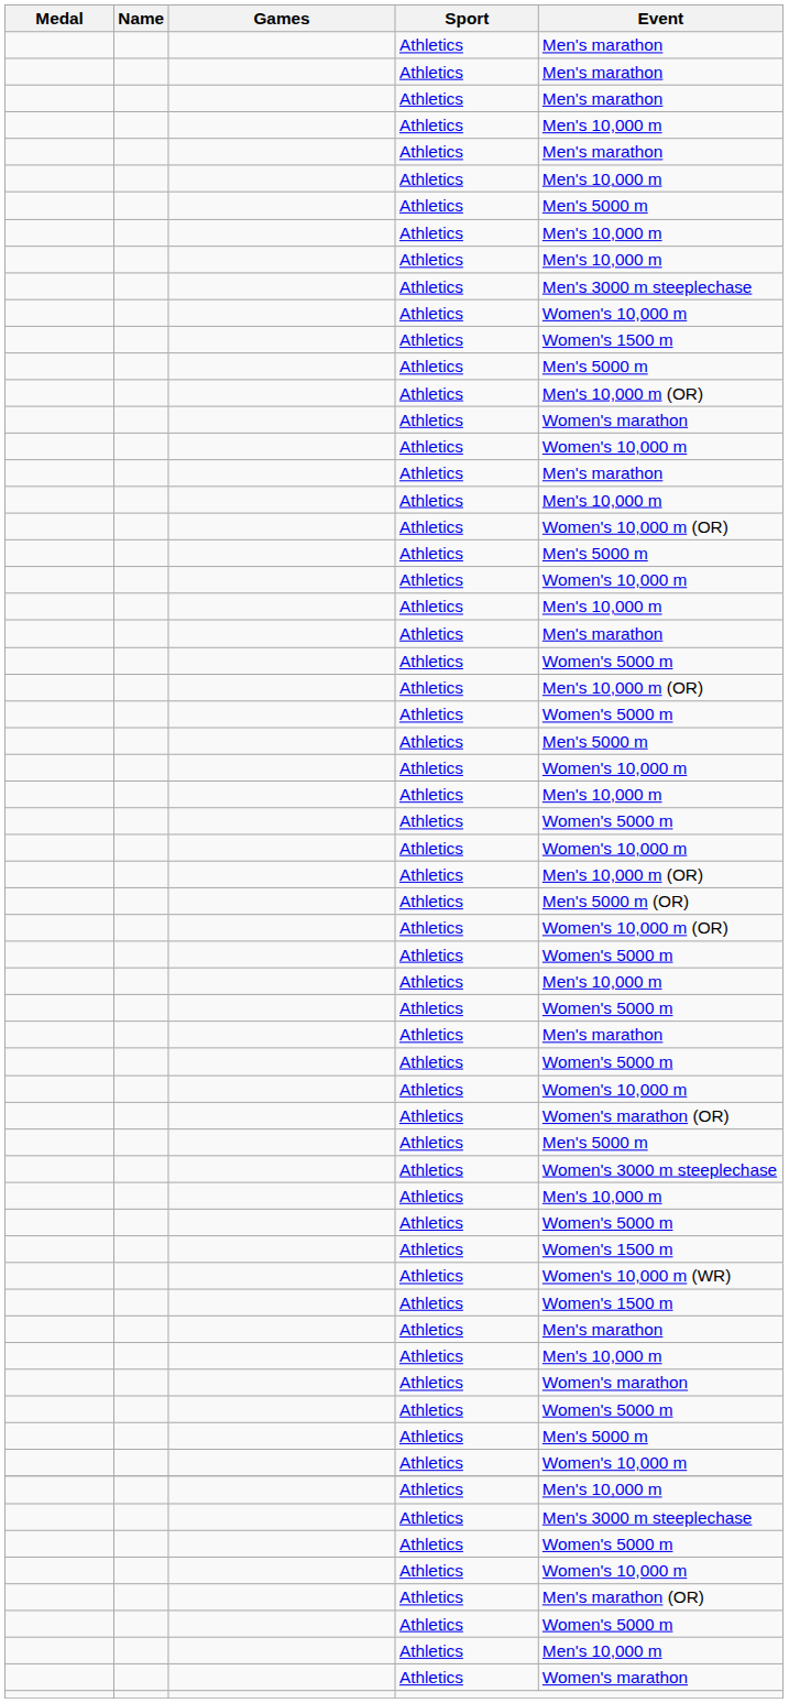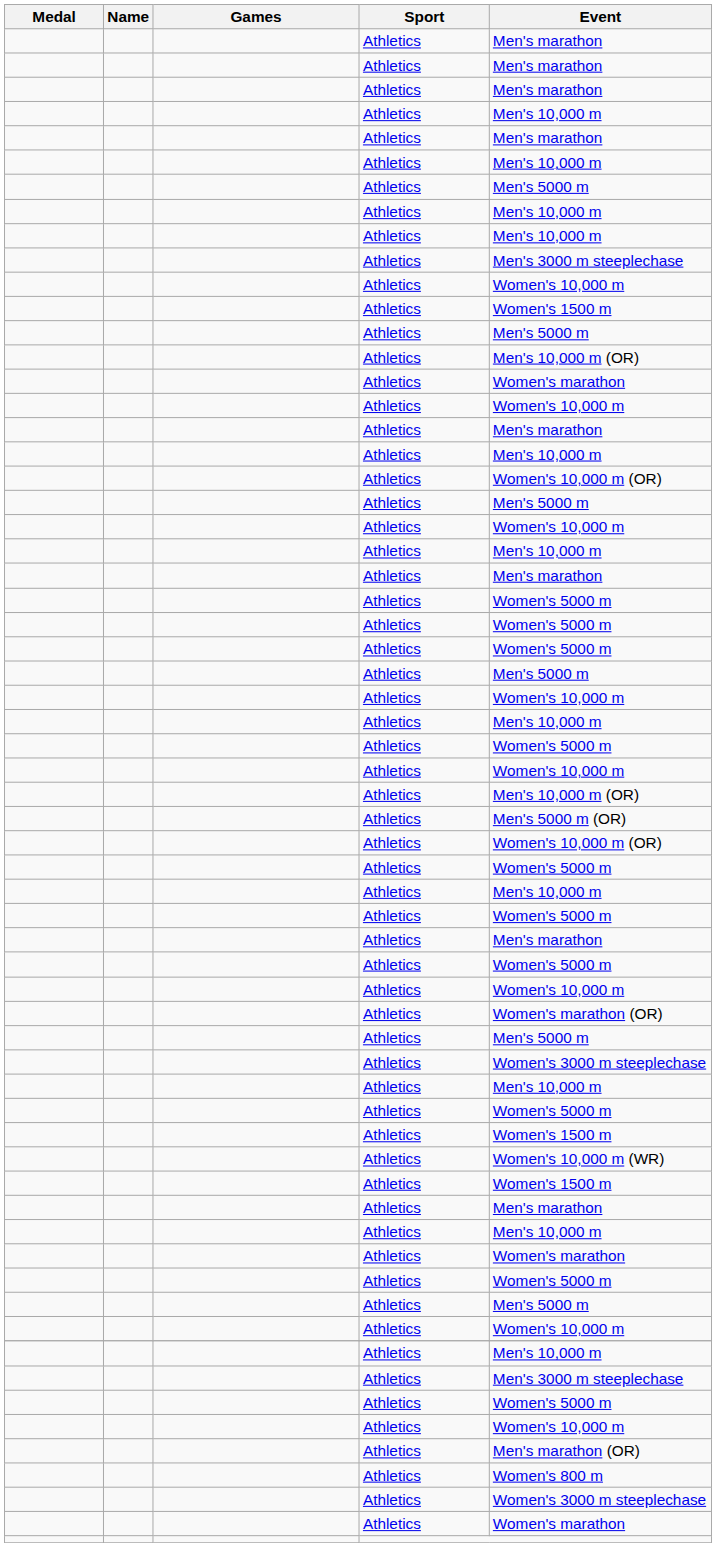 <table class="wikitable sortable" style="font-size: 95%;">
 <tr>
 <th style="width:6em">Medal</th>
 <th>Name</th>
 <th style="width:13em">Games</th>
 <th style="width:8em">Sport</th>
 <th style="width:14em">Event</th>
 </tr>
 <tr>
 <td></td>
 <td></td>
 <td></td>
 <td> <a href='#'>Athletics</a></td>
 <td><a href='#'>Men's marathon</a></td>
 </tr>
 <tr>
 <td></td>
 <td></td>
 <td></td>
 <td> <a href='#'>Athletics</a></td>
 <td><a href='#'>Men's marathon</a></td>
 </tr>
 <tr>
 <td></td>
 <td></td>
 <td></td>
 <td> <a href='#'>Athletics</a></td>
 <td><a href='#'>Men's marathon</a></td>
 </tr>
 <tr>
 <td></td>
 <td></td>
 <td></td>
 <td> <a href='#'>Athletics</a></td>
 <td><a href='#'>Men's 10,000 m</a></td>
 </tr>
 <tr>
 <td></td>
 <td></td>
 <td></td>
 <td> <a href='#'>Athletics</a></td>
 <td><a href='#'>Men's marathon</a></td>
 </tr>
 <tr>
 <td></td>
 <td></td>
 <td></td>
 <td> <a href='#'>Athletics</a></td>
 <td><a href='#'>Men's 10,000 m</a></td>
 </tr>
 <tr>
 <td></td>
 <td></td>
 <td></td>
 <td> <a href='#'>Athletics</a></td>
 <td><a href='#'>Men's 5000 m</a></td>
 </tr>
 <tr>
 <td></td>
 <td></td>
 <td></td>
 <td> <a href='#'>Athletics</a></td>
 <td><a href='#'>Men's 10,000 m</a></td>
 </tr>
 <tr>
 <td></td>
 <td></td>
 <td></td>
 <td> <a href='#'>Athletics</a></td>
 <td><a href='#'>Men's 10,000 m</a></td>
 </tr>
 <tr>
 <td></td>
 <td></td>
 <td></td>
 <td> <a href='#'>Athletics</a></td>
 <td><a href='#'>Men's 3000 m steeplechase</a></td>
 </tr>
 <tr>
 <td></td>
 <td></td>
 <td></td>
 <td> <a href='#'>Athletics</a></td>
 <td><a href='#'>Women's 10,000 m</a></td>
 </tr>
 <tr>
 <td></td>
 <td></td>
 <td></td>
 <td> <a href='#'>Athletics</a></td>
 <td><a href='#'>Women's 1500 m</a></td>
 </tr>
 <tr>
 <td></td>
 <td></td>
 <td></td>
 <td> <a href='#'>Athletics</a></td>
 <td><a href='#'>Men's 5000 m</a></td>
 </tr>
 <tr>
 <td></td>
 <td>    </td>
 <td></td>
 <td> <a href='#'>Athletics</a></td>
 <td><a href='#'>Men's 10,000 m</a> (OR)</td>
 </tr>
 <tr>
 <td></td>
 <td></td>
 <td></td>
 <td> <a href='#'>Athletics</a></td>
 <td><a href='#'>Women's marathon</a></td>
 </tr>
 <tr>
 <td></td>
 <td></td>
 <td></td>
 <td> <a href='#'>Athletics</a></td>
 <td><a href='#'>Women's 10,000 m</a></td>
 </tr>
 <tr>
 <td></td>
 <td></td>
 <td></td>
 <td> <a href='#'>Athletics</a></td>
 <td><a href='#'>Men's marathon</a></td>
 </tr>
 <tr>
 <td></td>
 <td></td>
 <td></td>
 <td> <a href='#'>Athletics</a></td>
 <td><a href='#'>Men's 10,000 m</a></td>
 </tr>
 <tr>
 <td></td>
 <td></td>
 <td></td>
 <td> <a href='#'>Athletics</a></td>
 <td><a href='#'>Women's 10,000 m</a> (OR)</td>
 </tr>
 <tr>
 <td></td>
 <td></td>
 <td></td>
 <td> <a href='#'>Athletics</a></td>
 <td><a href='#'>Men's 5000 m</a></td>
 </tr>
 <tr>
 <td></td>
 <td></td>
 <td></td>
 <td> <a href='#'>Athletics</a></td>
 <td><a href='#'>Women's 10,000 m</a></td>
 </tr>
 <tr>
 <td></td>
 <td></td>
 <td></td>
 <td> <a href='#'>Athletics</a></td>
 <td><a href='#'>Men's 10,000 m</a></td>
 </tr>
 <tr>
 <td></td>
 <td></td>
 <td></td>
 <td> <a href='#'>Athletics</a></td>
 <td><a href='#'>Men's marathon</a></td>
 </tr>
 <tr>
 <td></td>
 <td></td>
 <td></td>
 <td> <a href='#'>Athletics</a></td>
 <td><a href='#'>Women's 5000 m</a></td>
 </tr>
 <tr>
 <td></td>
 <td></td>
 <td></td>
 <td> <a href='#'>Athletics</a></td>
-<td><a href='#'>Men's 10,000 m</a> (OR)</td>
+<td><a href='#'>Women's 5000 m</a></td>
 </tr>
 <tr>
 <td></td>
 <td></td>
 <td></td>
 <td> <a href='#'>Athletics</a></td>
 <td><a href='#'>Women's 5000 m</a></td>
 </tr>
 <tr>
 <td></td>
 <td></td>
 <td></td>
 <td> <a href='#'>Athletics</a></td>
 <td><a href='#'>Men's 5000 m</a></td>
 </tr>
 <tr>
 <td></td>
 <td></td>
 <td></td>
 <td> <a href='#'>Athletics</a></td>
 <td><a href='#'>Women's 10,000 m</a></td>
 </tr>
 <tr>
 <td></td>
 <td></td>
 <td></td>
 <td> <a href='#'>Athletics</a></td>
 <td><a href='#'>Men's 10,000 m</a></td>
 </tr>
 <tr>
 <td></td>
 <td></td>
 <td></td>
 <td> <a href='#'>Athletics</a></td>
 <td><a href='#'>Women's 5000 m</a></td>
 </tr>
 <tr>
 <td></td>
 <td></td>
 <td></td>
 <td> <a href='#'>Athletics</a></td>
 <td><a href='#'>Women's 10,000 m</a></td>
 </tr>
 <tr>
 <td></td>
 <td></td>
 <td></td>
 <td> <a href='#'>Athletics</a></td>
 <td><a href='#'>Men's 10,000 m</a> (OR)</td>
 </tr>
 <tr>
 <td></td>
 <td></td>
 <td></td>
 <td> <a href='#'>Athletics</a></td>
 <td><a href='#'>Men's 5000 m</a> (OR)</td>
 </tr>
 <tr>
 <td></td>
 <td></td>
 <td></td>
 <td> <a href='#'>Athletics</a></td>
 <td><a href='#'>Women's 10,000 m</a> (OR)</td>
 </tr>
 <tr>
 <td></td>
 <td></td>
 <td></td>
 <td> <a href='#'>Athletics</a></td>
 <td><a href='#'>Women's 5000 m</a></td>
 </tr>
 <tr>
 <td></td>
 <td></td>
 <td></td>
 <td> <a href='#'>Athletics</a></td>
 <td><a href='#'>Men's 10,000 m</a></td>
 </tr>
 <tr>
 <td></td>
 <td></td>
 <td></td>
 <td> <a href='#'>Athletics</a></td>
 <td><a href='#'>Women's 5000 m</a></td>
 </tr>
 <tr>
 <td></td>
 <td></td>
 <td></td>
 <td> <a href='#'>Athletics</a></td>
 <td><a href='#'>Men's marathon</a></td>
 </tr>
 <tr>
 <td></td>
 <td></td>
 <td></td>
 <td> <a href='#'>Athletics</a></td>
 <td><a href='#'>Women's 5000 m</a></td>
 </tr>
 <tr>
 <td></td>
 <td></td>
 <td></td>
 <td> <a href='#'>Athletics</a></td>
 <td><a href='#'>Women's 10,000 m</a></td>
 </tr>
 <tr>
 <td></td>
 <td></td>
 <td></td>
 <td> <a href='#'>Athletics</a></td>
 <td><a href='#'>Women's marathon</a> (OR)</td>
 </tr>
 <tr>
 <td></td>
 <td></td>
 <td></td>
 <td> <a href='#'>Athletics</a></td>
 <td><a href='#'>Men's 5000 m</a></td>
 </tr>
 <tr>
 <td></td>
 <td></td>
 <td></td>
 <td> <a href='#'>Athletics</a></td>
 <td><a href='#'>Women's 3000 m steeplechase</a></td>
 </tr>
 <tr>
 <td></td>
 <td></td>
 <td></td>
 <td> <a href='#'>Athletics</a></td>
 <td><a href='#'>Men's 10,000 m</a></td>
 </tr>
 <tr>
 <td></td>
 <td></td>
 <td></td>
 <td> <a href='#'>Athletics</a></td>
 <td><a href='#'>Women's 5000 m</a></td>
 </tr>
 <tr>
 <td></td>
 <td></td>
 <td></td>
 <td> <a href='#'>Athletics</a></td>
 <td><a href='#'>Women's 1500 m</a></td>
 </tr>
 <tr>
 <td></td>
 <td></td>
 <td></td>
 <td> <a href='#'>Athletics</a></td>
 <td><a href='#'>Women's 10,000 m</a> (WR)</td>
 </tr>
 <tr>
 <td></td>
 <td></td>
 <td></td>
 <td> <a href='#'>Athletics</a></td>
 <td><a href='#'>Women's 1500 m</a></td>
 </tr>
 <tr>
 <td></td>
 <td></td>
 <td></td>
 <td> <a href='#'>Athletics</a></td>
 <td><a href='#'>Men's marathon</a></td>
 </tr>
 <tr>
 <td></td>
 <td></td>
 <td></td>
 <td> <a href='#'>Athletics</a></td>
 <td><a href='#'>Men's 10,000 m</a></td>
 </tr>
 <tr>
 <td></td>
 <td></td>
 <td></td>
 <td> <a href='#'>Athletics</a></td>
 <td><a href='#'>Women's marathon</a></td>
 </tr>
 <tr>
 <td></td>
 <td></td>
 <td></td>
 <td> <a href='#'>Athletics</a></td>
 <td><a href='#'>Women's 5000 m</a></td>
 </tr>
 <tr>
 <td></td>
 <td></td>
 <td></td>
 <td> <a href='#'>Athletics</a></td>
 <td><a href='#'>Men's 5000 m</a></td>
 </tr>
 <tr>
 <td></td>
 <td></td>
 <td></td>
 <td> <a href='#'>Athletics</a></td>
 <td><a href='#'>Women's 10,000 m</a></td>
 </tr>
 <tr>
 </tr>
 <tr>
 <td></td>
 <td></td>
 <td></td>
 <td> <a href='#'>Athletics</a></td>
 <td><a href='#'>Men's 10,000 m</a></td>
 </tr>
 <tr>
 <td></td>
 <td></td>
 <td></td>
 <td> <a href='#'>Athletics</a></td>
 <td><a href='#'> Men's 3000 m steeplechase</a></td>
 </tr>
 <tr>
 <td></td>
 <td></td>
 <td></td>
 <td> <a href='#'>Athletics</a></td>
 <td><a href='#'> Women's 5000 m</a></td>
 </tr>
 <tr>
 <td></td>
 <td></td>
 <td></td>
 <td> <a href='#'>Athletics</a></td>
 <td><a href='#'> Women's 10,000 m</a></td>
 </tr>
 <tr>
 <td></td>
 <td></td>
 <td></td>
 <td> <a href='#'>Athletics</a></td>
 <td><a href='#'> Men's marathon</a> (OR)</td>
 </tr>
 <tr>
 <td></td>
 <td></td>
 <td></td>
 <td> <a href='#'>Athletics</a></td>
-<td><a href='#'> Women's 5000 m</a></td>
+<td><a href='#'> Women's 800 m</a></td>
 </tr>
 <tr>
 <td></td>
 <td></td>
 <td></td>
 <td> <a href='#'>Athletics</a></td>
-<td><a href='#'> Men's 10,000 m</a></td>
+<td><a href='#'>Women's 3000 m steeplechase</a></td>
 </tr>
 <tr>
 <td></td>
 <td></td>
 <td></td>
 <td> <a href='#'>Athletics</a></td>
 <td><a href='#'> Women's marathon</a></td>
 </tr>
 <tr>
 <td></td>
 <td></td>
 <td></td>
 </tr>
 </table>
